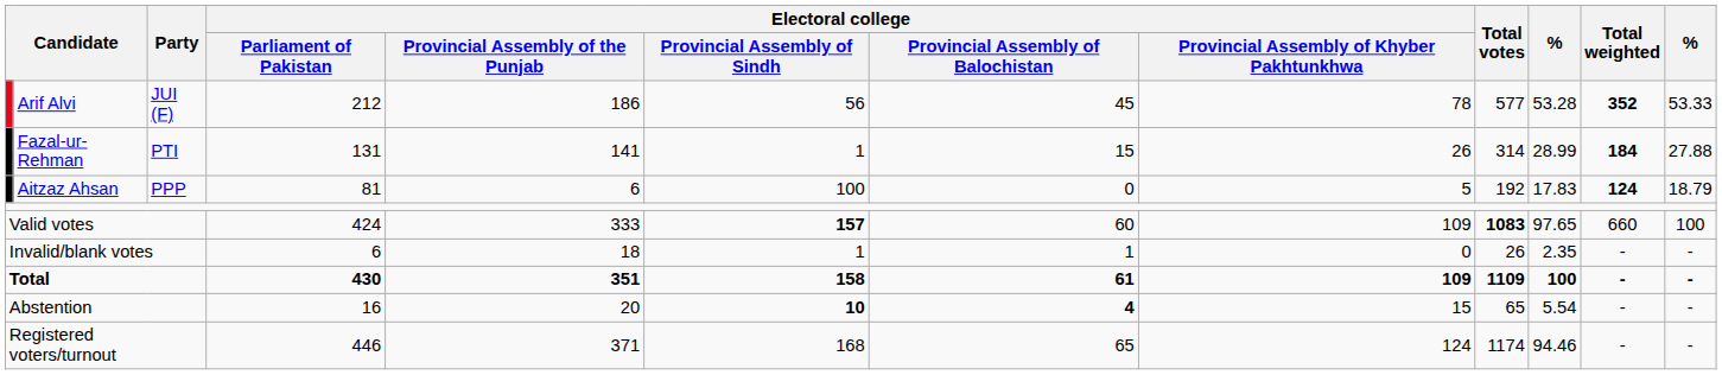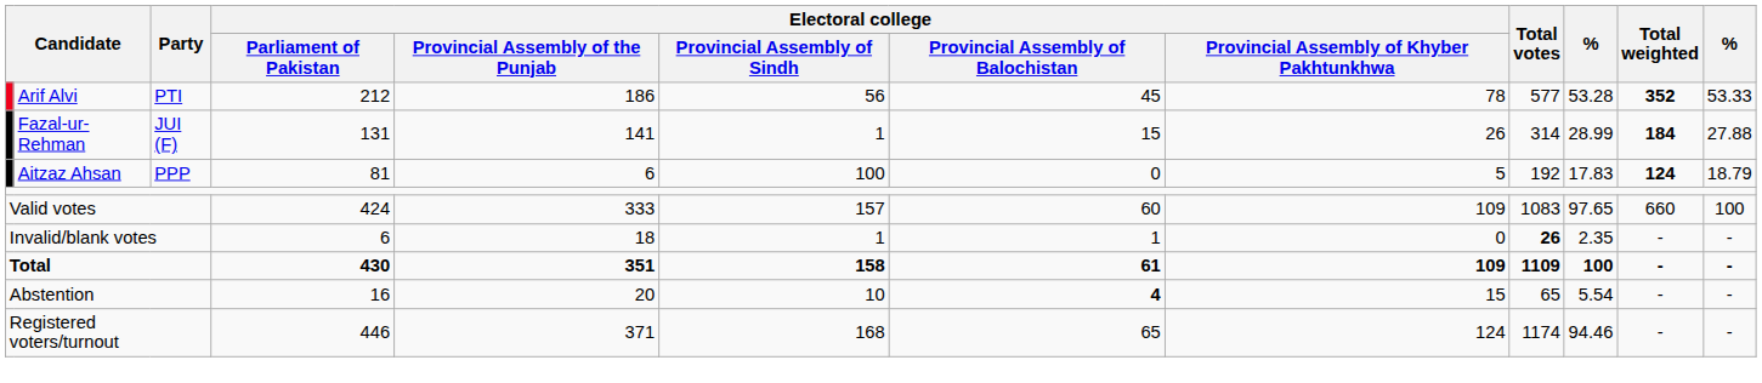 <table class="wikitable centre" style=text-align:right>
 <tr>
 <th colspan=2 rowspan=2>Candidate</th>
 <th rowspan=2>Party</th>
 <th colspan=5>Electoral college</th>
 <th rowspan=2>Total<br>votes</th>
 <th rowspan=2>%</th>
 <th rowspan=2>Total<br>weighted</th>
 <th rowspan=2>%</th>
 </tr>
 <tr>
 <th><a href='#'>Parliament of Pakistan</a></th>
 <th><a href='#'>Provincial Assembly of the Punjab</a></th>
 <th><a href='#'>Provincial Assembly of Sindh</a></th>
 <th><a href='#'>Provincial Assembly of Balochistan</a></th>
 <th><a href='#'>Provincial Assembly of Khyber Pakhtunkhwa</a></th>
 </tr>
 <tr>
 <td bgcolor=#F0001C></td>
 <td style="text-align:left;"><a href='#'>Arif Alvi</a></td>
-<td style="text-align:left;"><a href='#'>JUI (F)</a></td>
+<td style="text-align:left;"><a href='#'>PTI</a></td>
 <td>212</td>
 <td>186</td>
 <td>56</td>
 <td>45</td>
 <td>78</td>
 <td>577</td>
 <td>53.28</td>
 <td style="text-align:center;"><strong>352</strong></td>
 <td>53.33</td>
 </tr>
 <tr>
 <td bgcolor=#00000></td>
 <td style="text-align:left;"><a href='#'>Fazal-ur-Rehman</a></td>
-<td style="text-align:left;"><a href='#'>PTI</a></td>
+<td style="text-align:left;"><a href='#'>JUI (F)</a></td>
 <td>131</td>
 <td>141</td>
 <td>1</td>
 <td>15</td>
 <td>26</td>
 <td>314</td>
 <td>28.99</td>
 <td style="text-align:center;"><strong>184</strong></td>
 <td>27.88</td>
 </tr>
 <tr>
 <td bgcolor=#000000></td>
 <td style="text-align:left;"><a href='#'>Aitzaz Ahsan</a></td>
 <td style="text-align:left;"><a href='#'>PPP</a></td>
 <td>81</td>
 <td>6</td>
 <td>100</td>
 <td>0</td>
 <td>5</td>
 <td>192</td>
 <td>17.83</td>
 <td style="text-align:center;"><strong>124</strong></td>
 <td>18.79</td>
 </tr>
 <tr>
 <td colspan=15></td>
 </tr>
 <tr>
 <td colspan=3 style="text-align:left;">Valid votes</td>
 <td>424</td>
 <td>333</td>
-<td><strong>157</strong></td>
+<td>157</td>
 <td>60</td>
 <td>109</td>
-<td><strong>1083</strong></td>
+<td>1083</td>
 <td>97.65</td>
 <td style="text-align:center;">660</td>
 <td style="text-align:center;">100</td>
 </tr>
 <tr>
 <td colspan=3 style="text-align:left;">Invalid/blank votes</td>
 <td>6</td>
 <td>18</td>
 <td>1</td>
 <td>1</td>
 <td>0</td>
-<td>26</td>
+<td><strong>26</strong></td>
 <td>2.35</td>
 <td style="text-align:center;">-</td>
 <td style="text-align:center;">-</td>
 </tr>
 <tr style=font-weight:bold>
 <td colspan=3 style="text-align:left;">Total</td>
 <td>430</td>
 <td>351</td>
 <td>158</td>
 <td>61</td>
 <td>109</td>
 <td>1109</td>
 <td>100</td>
 <td style="text-align:center;">-</td>
 <td style="text-align:center;">-</td>
 </tr>
 <tr>
 <td colspan=3 style="text-align:left;">Abstention</td>
 <td>16</td>
 <td>20</td>
-<td><strong>10</strong></td>
+<td>10</td>
 <td><strong>4</strong></td>
 <td>15</td>
 <td>65</td>
 <td>5.54</td>
 <td style="text-align:center;">-</td>
 <td style="text-align:center;">-</td>
 </tr>
 <tr>
 <td colspan=3 style="text-align:left;">Registered voters/turnout</td>
 <td>446</td>
 <td>371</td>
 <td>168</td>
 <td>65</td>
 <td>124</td>
 <td>1174</td>
 <td>94.46</td>
 <td style="text-align:center;">-</td>
 <td style="text-align:center;">-</td>
 </tr>
 </table>
